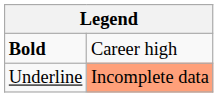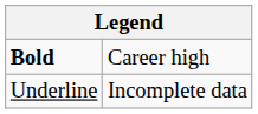 <table class="wikitable">
 <tr>
 <th colspan="2">Legend</th>
 </tr>
 <tr>
 <td style="width:3em;"><strong>Bold</strong></td>
 <td>Career high</td>
 </tr>
 <tr>
 <td style="width:3em;"><u>Underline</u></td>
-<td style="background: lightsalmon;">Incomplete data</td>
+<td>Incomplete data</td>
 </tr>
 </table>
